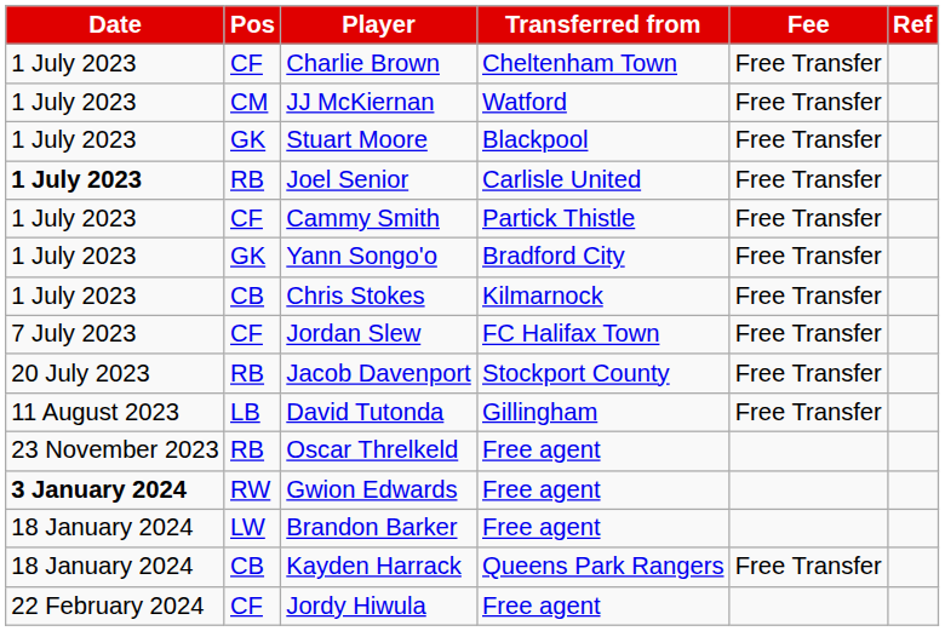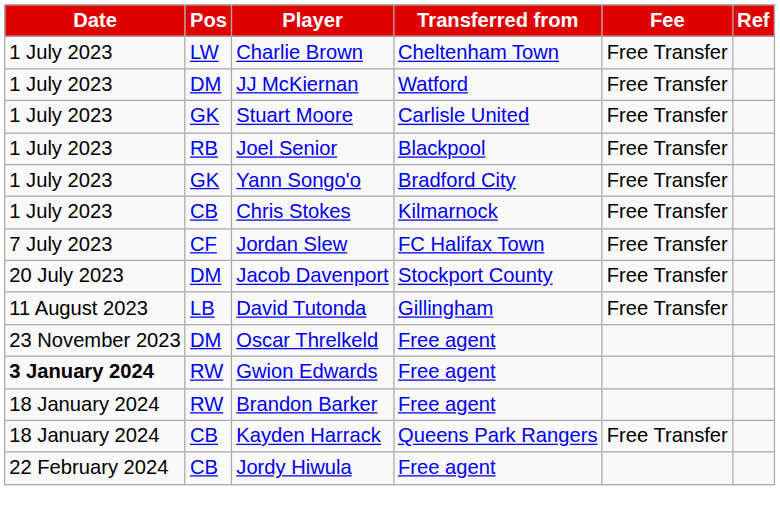 <table class="wikitable plainrowheaders sortable">
 <tr>
 <th style="background:#E00000; color:#ffffff; ">Date</th>
 <th style="background:#E00000; color:#ffffff; ">Pos</th>
 <th style="background:#E00000; color:#ffffff; ">Player</th>
 <th style="background:#E00000; color:#ffffff; ">Transferred from</th>
 <th style="background:#E00000; color:#ffffff; ">Fee</th>
 <th style="background:#E00000; color:#ffffff; ">Ref</th>
 </tr>
 <tr>
 <td>1 July 2023</td>
-<td><a href='#'>CF</a></td>
+<td><a href='#'>LW</a></td>
 <td> <a href='#'>Charlie Brown</a></td>
 <td> <a href='#'>Cheltenham Town</a></td>
 <td>Free Transfer</td>
 <td></td>
 </tr>
 <tr>
 <td>1 July 2023</td>
-<td><a href='#'>CM</a></td>
+<td><a href='#'>DM</a></td>
 <td> <a href='#'>JJ McKiernan</a></td>
 <td> <a href='#'>Watford</a></td>
 <td>Free Transfer</td>
 <td></td>
 </tr>
 <tr>
 <td>1 July 2023</td>
 <td><a href='#'>GK</a></td>
 <td> <a href='#'>Stuart Moore</a></td>
-<td> <a href='#'>Blackpool</a></td>
-<td>Free Transfer</td>
-<td></td>
-</tr>
-<tr>
-<td><strong>1 July 2023</strong></td>
-<td><a href='#'>RB</a></td>
-<td> <a href='#'>Joel Senior</a></td>
 <td> <a href='#'>Carlisle United</a></td>
 <td>Free Transfer</td>
 <td></td>
 </tr>
 <tr>
 <td>1 July 2023</td>
-<td><a href='#'>CF</a></td>
-<td> <a href='#'>Cammy Smith</a></td>
-<td> <a href='#'>Partick Thistle</a></td>
+<td><a href='#'>RB</a></td>
+<td> <a href='#'>Joel Senior</a></td>
+<td> <a href='#'>Blackpool</a></td>
 <td>Free Transfer</td>
 <td></td>
 </tr>
 <tr>
 <td>1 July 2023</td>
 <td><a href='#'>GK</a></td>
 <td> <a href='#'>Yann Songo'o</a></td>
 <td> <a href='#'>Bradford City</a></td>
 <td>Free Transfer</td>
 <td></td>
 </tr>
 <tr>
 <td>1 July 2023</td>
 <td><a href='#'>CB</a></td>
 <td> <a href='#'>Chris Stokes</a></td>
 <td> <a href='#'>Kilmarnock</a></td>
 <td>Free Transfer</td>
 <td></td>
 </tr>
 <tr>
 <td>7 July 2023</td>
 <td><a href='#'>CF</a></td>
 <td> <a href='#'>Jordan Slew</a></td>
 <td> <a href='#'>FC Halifax Town</a></td>
 <td>Free Transfer</td>
 <td></td>
 </tr>
 <tr>
 <td>20 July 2023</td>
-<td><a href='#'>RB</a></td>
+<td><a href='#'>DM</a></td>
 <td> <a href='#'>Jacob Davenport</a></td>
 <td> <a href='#'>Stockport County</a></td>
 <td>Free Transfer</td>
 <td></td>
 </tr>
 <tr>
 <td>11 August 2023</td>
 <td><a href='#'>LB</a></td>
 <td> <a href='#'>David Tutonda</a></td>
 <td> <a href='#'>Gillingham</a></td>
 <td>Free Transfer</td>
 <td></td>
 </tr>
 <tr>
 <td>23 November 2023</td>
-<td><a href='#'>RB</a></td>
+<td><a href='#'>DM</a></td>
 <td> <a href='#'>Oscar Threlkeld</a></td>
 <td> <a href='#'>Free agent</a></td>
 <td></td>
 <td></td>
 </tr>
 <tr>
 <td><strong>3 January 2024</strong></td>
 <td><a href='#'>RW</a></td>
 <td> <a href='#'>Gwion Edwards</a></td>
 <td> <a href='#'>Free agent</a></td>
 <td></td>
 <td></td>
 </tr>
 <tr>
 <td>18 January 2024</td>
-<td><a href='#'>LW</a></td>
+<td><a href='#'>RW</a></td>
 <td> <a href='#'>Brandon Barker</a></td>
 <td> <a href='#'>Free agent</a></td>
 <td></td>
 <td></td>
 </tr>
 <tr>
 <td>18 January 2024</td>
 <td><a href='#'>CB</a></td>
 <td> <a href='#'>Kayden Harrack</a></td>
 <td> <a href='#'>Queens Park Rangers</a></td>
 <td>Free Transfer</td>
 <td></td>
 </tr>
 <tr>
 <td>22 February 2024</td>
-<td><a href='#'>CF</a></td>
+<td><a href='#'>CB</a></td>
 <td> <a href='#'>Jordy Hiwula</a></td>
 <td> <a href='#'>Free agent</a></td>
 <td></td>
 <td></td>
 </tr>
 </table>
